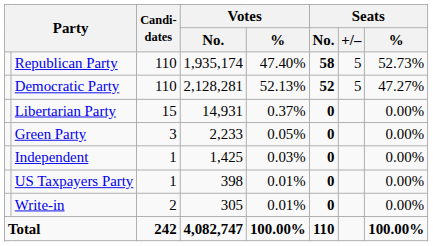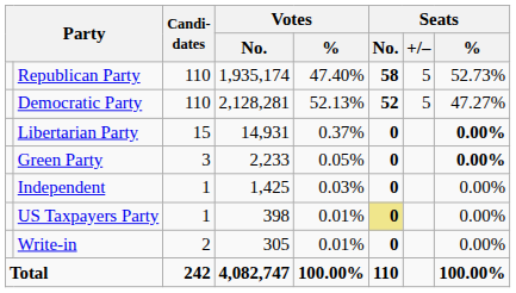 <table class="wikitable" style="font-size:100%; text-align:right;">
 <tr>
 <th colspan=2 rowspan=2>Party</th>
 <th rowspan=2><small>Candi-<br>dates</small></th>
 <th colspan=2>Votes</th>
 <th colspan=3>Seats</th>
 </tr>
 <tr>
 <th>No.</th>
 <th>%</th>
 <th>No.</th>
 <th>+/–</th>
 <th>%</th>
 </tr>
 <tr>
 <td style="background:"></td>
 <td align=left><a href='#'>Republican Party</a></td>
 <td>110</td>
 <td>1,935,174</td>
 <td>47.40%</td>
 <td><strong>58</strong></td>
 <td>5</td>
 <td>52.73%</td>
 </tr>
 <tr>
 <td style="background:"></td>
 <td align=left><a href='#'>Democratic Party</a></td>
 <td>110</td>
 <td>2,128,281</td>
 <td>52.13%</td>
 <td><strong>52</strong></td>
 <td>5</td>
 <td>47.27%</td>
 </tr>
 <tr>
 <td style="background:"></td>
 <td align=left><a href='#'>Libertarian Party</a></td>
 <td>15</td>
 <td>14,931</td>
 <td>0.37%</td>
 <td><strong>0</strong></td>
 <td></td>
-<td>0.00%</td>
+<td><strong>0.00%</strong></td>
 </tr>
 <tr>
 <td style="background:"></td>
 <td align=left><a href='#'>Green Party</a></td>
 <td>3</td>
 <td>2,233</td>
 <td>0.05%</td>
 <td><strong>0</strong></td>
 <td></td>
-<td>0.00%</td>
+<td><strong>0.00%</strong></td>
 </tr>
 <tr>
 <td style="background:"></td>
 <td align=left><a href='#'>Independent</a></td>
 <td>1</td>
 <td>1,425</td>
 <td>0.03%</td>
 <td><strong>0</strong></td>
 <td></td>
 <td>0.00%</td>
 </tr>
 <tr>
 <td style="background:"></td>
 <td align=left><a href='#'>US Taxpayers Party</a></td>
 <td>1</td>
 <td>398</td>
 <td>0.01%</td>
-<td><strong>0</strong></td>
+<td style="background: khaki;"><strong>0</strong></td>
 <td></td>
 <td>0.00%</td>
 </tr>
 <tr>
 <td style="background:"></td>
 <td align=left><a href='#'>Write-in</a></td>
 <td>2</td>
 <td>305</td>
 <td>0.01%</td>
 <td><strong>0</strong></td>
 <td></td>
 <td>0.00%</td>
 </tr>
 <tr style="font-weight:bold">
 <td colspan=2 align=left>Total</td>
 <td>242</td>
 <td>4,082,747</td>
 <td>100.00%</td>
 <td>110</td>
 <td></td>
 <td>100.00%</td>
 </tr>
 </table>
